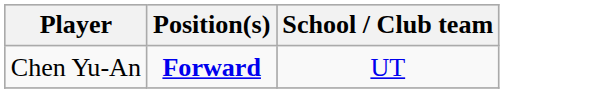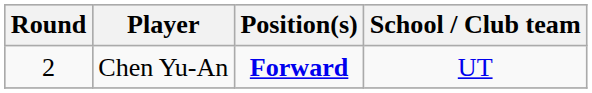 <table class="wikitable sortable sortable">
 <tr>
+<th>Round</th>
 <th>Player</th>
 <th>Position(s)</th>
 <th>School / Club team</th>
 </tr>
 <tr style="text-align: center">
+<td>2</td>
 <td>Chen Yu-An</td>
 <td><strong><a href='#'>Forward</a></strong></td>
 <td><a href='#'>UT</a></td>
 </tr>
 </table>
